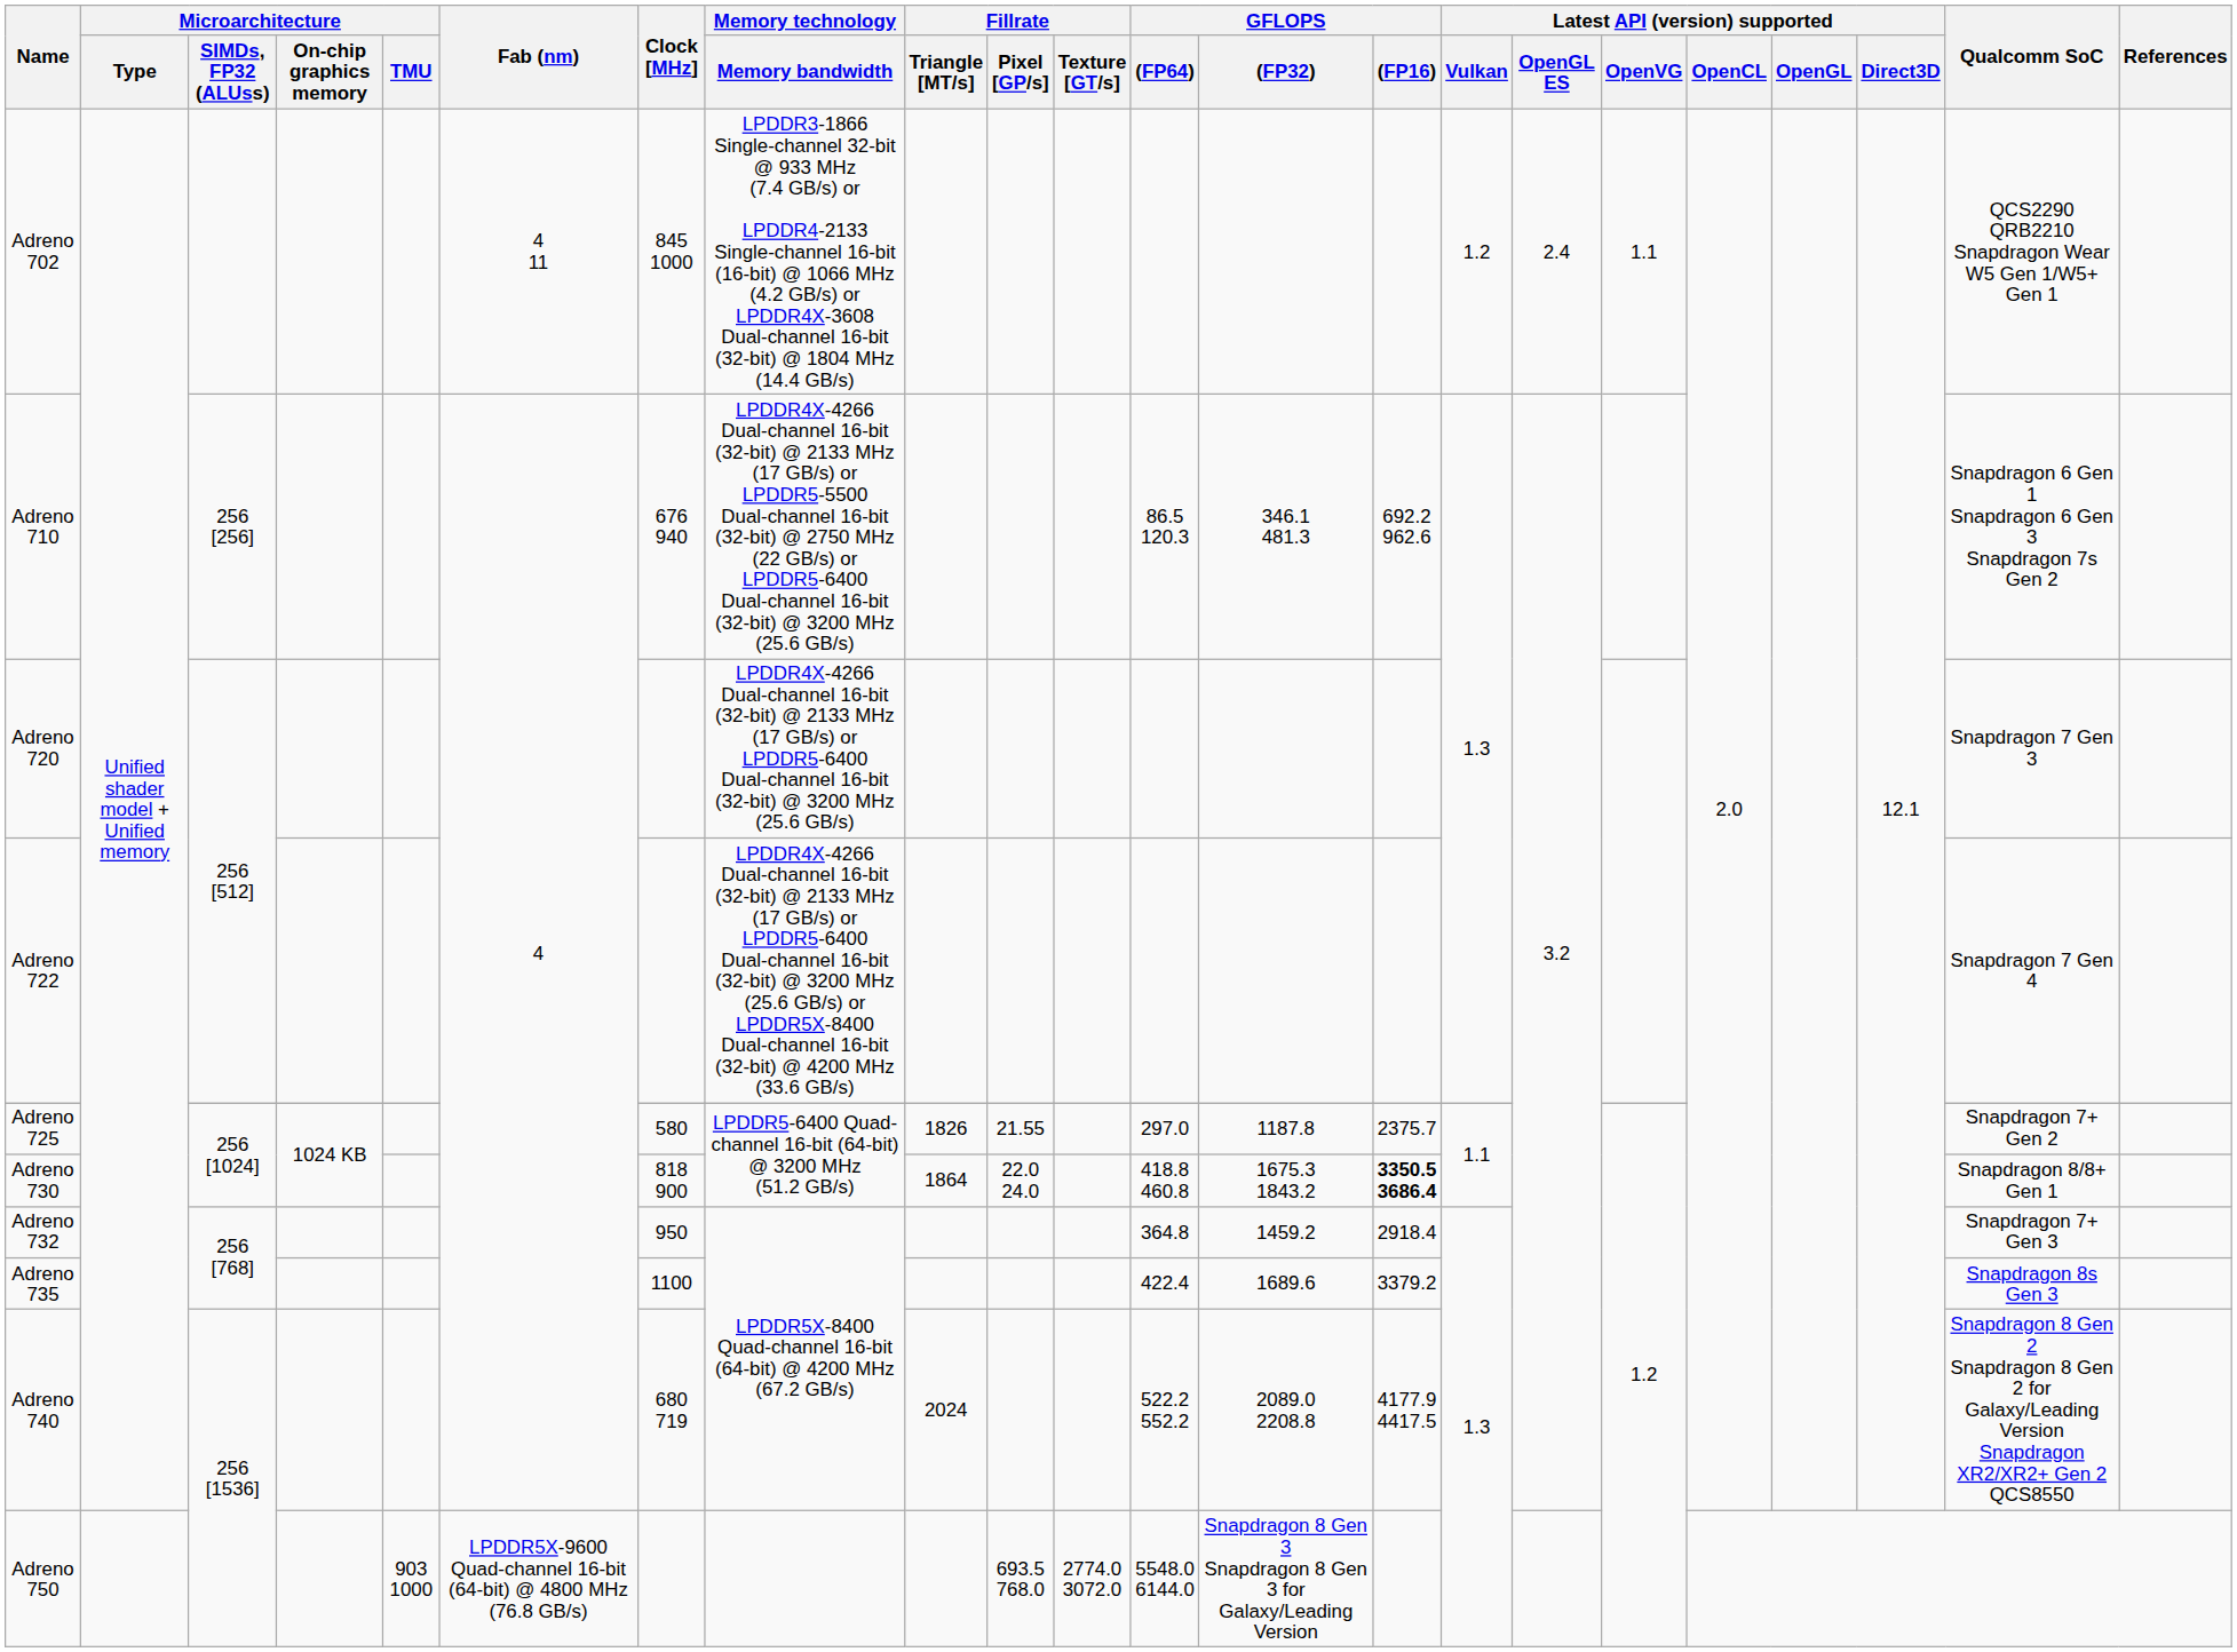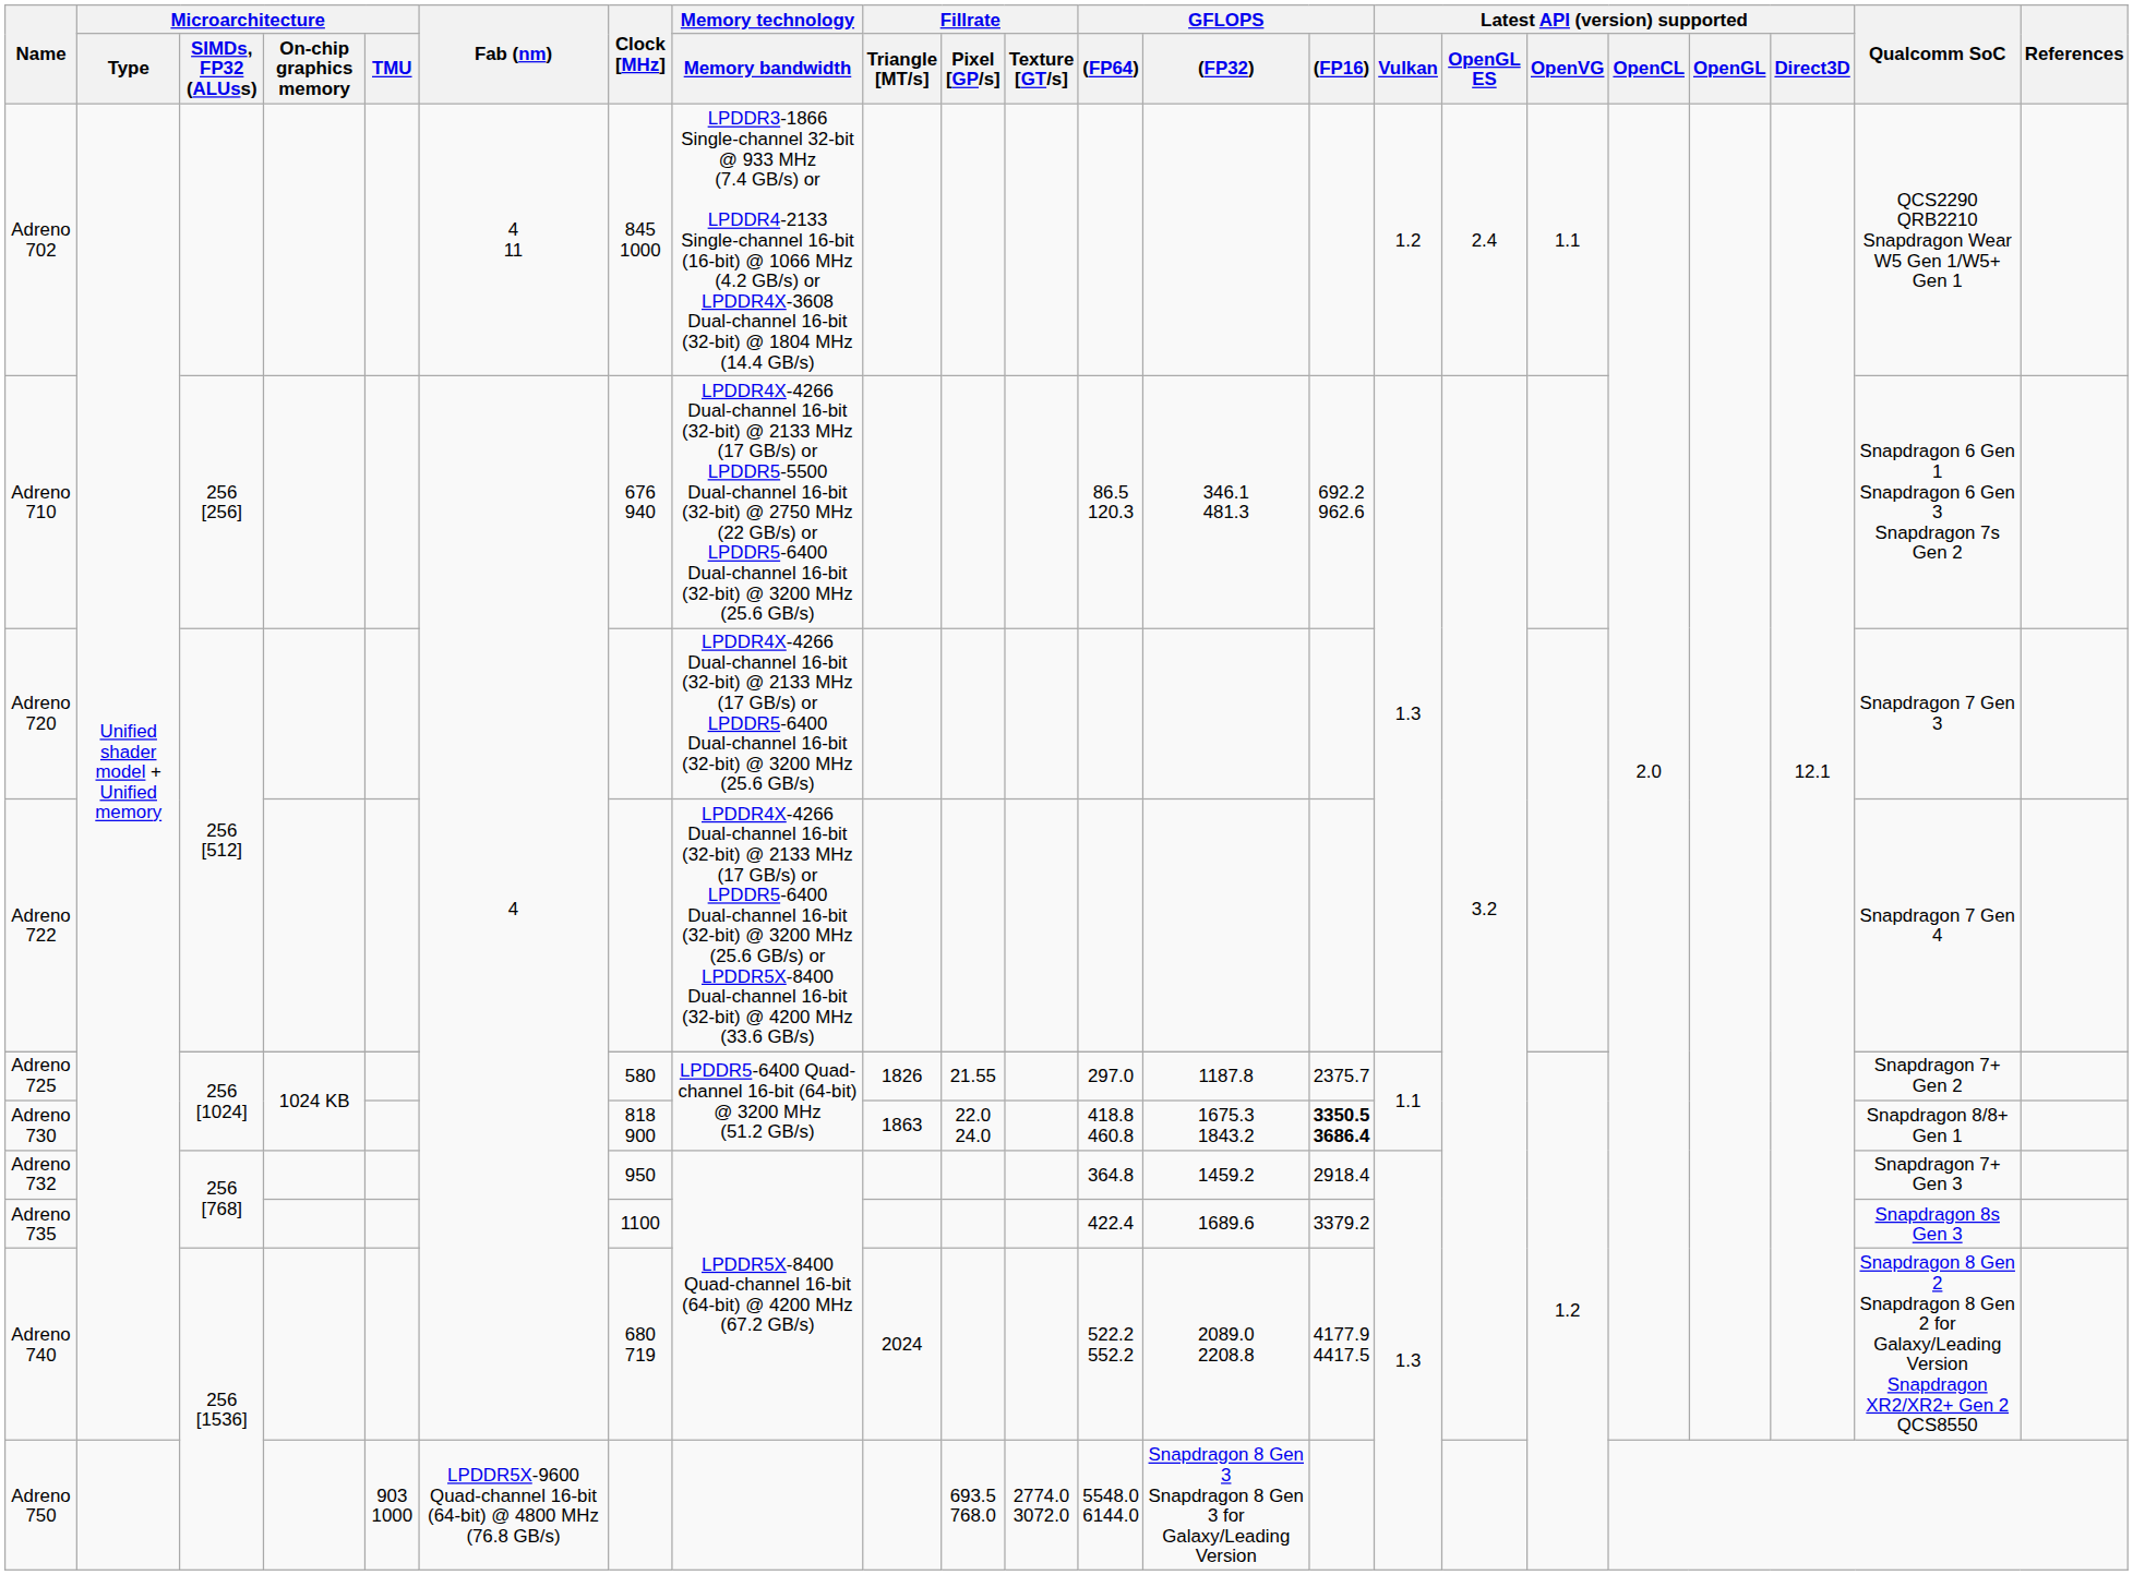 <table class="wikitable" style="font-size: 85%; text-align: center">
 <tr>
 <th rowspan="2">Name</th>
 <th colspan="4"><a href='#'>Microarchitecture</a></th>
 <th rowspan="2">Fab (<a href='#'>nm</a>)</th>
 <th rowspan="2">Clock [<a href='#'>MHz</a>]</th>
 <th><a href='#'>Memory technology</a></th>
 <th colspan="3"><a href='#'>Fillrate</a></th>
 <th colspan="3"><a href='#'>GFLOPS</a></th>
 <th colspan="6">Latest <a href='#'>API</a> (version) supported</th>
 <th rowspan="2">Qualcomm SoC</th>
 <th rowspan="2">References</th>
 </tr>
 <tr>
 <th>Type</th>
 <th><a href='#'>SIMDs</a>, <a href='#'>FP32</a><br>(<a href='#'>ALUs</a>s)<br></th>
 <th>On-chip graphics memory</th>
 <th><a href='#'>TMU</a></th>
 <th><a href='#'>Memory bandwidth</a></th>
 <th>Triangle<br>[MT/s]</th>
 <th>Pixel<br>[<a href='#'>GP</a>/s]</th>
 <th>Texture<br>[<a href='#'>GT</a>/s]</th>
 <th>(<a href='#'>FP64</a>)</th>
 <th>(<a href='#'>FP32</a>)</th>
 <th>(<a href='#'>FP16</a>)</th>
 <th><a href='#'>Vulkan</a></th>
 <th><a href='#'>OpenGL ES</a></th>
 <th><a href='#'>OpenVG</a></th>
 <th><a href='#'>OpenCL</a></th>
 <th><a href='#'>OpenGL</a></th>
 <th><a href='#'>Direct3D</a></th>
 </tr>
 <tr>
 <td>Adreno 702</td>
 <td rowspan="10"><a href='#'>Unified shader model</a> + <a href='#'>Unified memory</a></td>
 <td></td>
 <td></td>
 <td></td>
 <td>4<br>11</td>
 <td>845<br>1000</td>
 <td><a href='#'>LPDDR3</a>-1866 Single-channel 32-bit @ 933 MHz (7.4 GB/s) or<br><br><a href='#'>LPDDR4</a>-2133 Single‑channel 16‑bit (16-bit) @ 1066 MHz (4.2 GB/s) or<br> <a href='#'>LPDDR4X</a>-3608 Dual‑channel 16‑bit (32-bit) @ 1804 MHz (14.4 GB/s)</td>
 <td></td>
 <td></td>
 <td></td>
 <td></td>
 <td></td>
 <td></td>
 <td>1.2</td>
 <td>2.4</td>
 <td>1.1</td>
 <td rowspan="10">2.0</td>
 <td rowspan="10"></td>
 <td rowspan="10">12.1</td>
 <td>QCS2290<br>QRB2210<br>Snapdragon Wear W5 Gen 1/W5+ Gen 1</td>
 <td></td>
 </tr>
 <tr>
 <td>Adreno 710</td>
 <td>256<br>[256]</td>
 <td></td>
 <td></td>
 <td rowspan="9">4</td>
 <td>676<br>940</td>
 <td><a href='#'>LPDDR4X</a>-4266 Dual‑channel 16‑bit (32-bit) @ 2133 MHz (17 GB/s) or<br><a href='#'>LPDDR5</a>-5500 Dual‑channel 16‑bit (32-bit) @ 2750 MHz (22 GB/s) or<br><a href='#'>LPDDR5</a>-6400 Dual‑channel 16‑bit (32-bit) @ 3200 MHz (25.6 GB/s)</td>
 <td></td>
 <td></td>
 <td></td>
 <td>86.5<br>120.3</td>
 <td>346.1<br>481.3</td>
 <td>692.2<br>962.6</td>
 <td rowspan="3">1.3</td>
 <td rowspan="9">3.2</td>
 <td></td>
 <td>Snapdragon 6 Gen 1<br>Snapdragon 6 Gen 3<br>Snapdragon 7s Gen 2</td>
 <td></td>
 </tr>
 <tr>
 <td>Adreno 720</td>
 <td rowspan="2">256<br>[512]</td>
 <td></td>
 <td></td>
 <td></td>
 <td><a href='#'>LPDDR4X</a>-4266 Dual‑channel 16‑bit (32-bit) @ 2133 MHz (17 GB/s) or<br><a href='#'>LPDDR5</a>-6400 Dual‑channel 16‑bit (32-bit) @ 3200 MHz (25.6 GB/s)</td>
 <td></td>
 <td></td>
 <td></td>
 <td></td>
 <td></td>
 <td></td>
 <td rowspan="2"></td>
 <td>Snapdragon 7 Gen 3</td>
 <td></td>
 </tr>
 <tr>
 <td>Adreno 722</td>
 <td></td>
 <td></td>
 <td></td>
 <td><a href='#'>LPDDR4X</a>-4266 Dual‑channel 16‑bit (32-bit) @ 2133 MHz (17 GB/s) or<br><a href='#'>LPDDR5</a>-6400 Dual‑channel 16‑bit (32-bit) @ 3200 MHz (25.6 GB/s) or<br><a href='#'>LPDDR5X</a>-8400 Dual‑channel 16‑bit (32-bit) @ 4200 MHz (33.6 GB/s)</td>
 <td></td>
 <td></td>
 <td></td>
 <td></td>
 <td></td>
 <td></td>
 <td>Snapdragon 7 Gen 4</td>
 <td></td>
 </tr>
 <tr>
 </tr>
 <tr>
 <td>Adreno 725</td>
 <td rowspan="2">256<br>[1024]</td>
 <td rowspan="2">1024 KB</td>
 <td></td>
 <td>580</td>
 <td rowspan="2"><a href='#'>LPDDR5</a>-6400 Quad-channel 16-bit (64-bit) @ 3200 MHz (51.2 GB/s)</td>
 <td>1826</td>
 <td>21.55</td>
 <td></td>
 <td>297.0</td>
 <td>1187.8</td>
 <td>2375.7</td>
 <td rowspan="2">1.1</td>
 <td rowspan="6">1.2</td>
 <td>Snapdragon 7+ Gen 2</td>
 <td></td>
 </tr>
 <tr>
 <td>Adreno 730</td>
 <td></td>
 <td>818<br>900</td>
-<td>1864</td>
+<td>1863</td>
 <td>22.0<br>24.0</td>
 <td></td>
 <td>418.8<br>460.8</td>
 <td>1675.3<br>1843.2</td>
 <td><strong>3350.5<br>3686.4</strong></td>
 <td>Snapdragon 8/8+ Gen 1</td>
 <td></td>
 </tr>
 <tr>
 <td>Adreno 732</td>
 <td rowspan="2">256<br>[768]</td>
 <td></td>
 <td></td>
 <td>950</td>
 <td rowspan="3"><a href='#'>LPDDR5X</a>-8400 Quad-channel 16-bit (64-bit) @ 4200 MHz (67.2 GB/s)</td>
 <td></td>
 <td></td>
 <td></td>
 <td>364.8</td>
 <td>1459.2</td>
 <td>2918.4</td>
 <td rowspan="4">1.3</td>
 <td>Snapdragon 7+ Gen 3</td>
 <td></td>
 </tr>
 <tr>
 <td>Adreno 735</td>
 <td></td>
 <td></td>
 <td>1100</td>
 <td></td>
 <td></td>
 <td></td>
 <td>422.4</td>
 <td>1689.6</td>
 <td>3379.2</td>
 <td><a href='#'>Snapdragon 8s Gen 3</a></td>
 <td></td>
 </tr>
 <tr>
 <td>Adreno 740</td>
 <td rowspan="2">256<br>[1536]</td>
 <td></td>
 <td></td>
 <td>680 719</td>
 <td>2024<br></td>
 <td></td>
 <td></td>
 <td>522.2<br>552.2</td>
 <td>2089.0<br>2208.8</td>
 <td>4177.9<br>4417.5</td>
 <td><a href='#'>Snapdragon 8 Gen 2</a><br>Snapdragon 8 Gen 2 for Galaxy/Leading Version<br><a href='#'>Snapdragon XR2/XR2+ Gen 2</a><br>QCS8550</td>
 <td></td>
 </tr>
 <tr>
 <td>Adreno 750</td>
 <td></td>
 <td></td>
 <td>903 1000</td>
 <td><a href='#'>LPDDR5X</a>-9600 Quad-channel 16-bit (64-bit) @ 4800 MHz (76.8 GB/s)</td>
 <td></td>
 <td></td>
 <td></td>
 <td>693.5<br>768.0</td>
 <td>2774.0<br>3072.0</td>
 <td>5548.0<br>6144.0</td>
 <td><a href='#'>Snapdragon 8 Gen 3</a><br>Snapdragon 8 Gen 3 for Galaxy/Leading Version</td>
 <td></td>
 </tr>
 </table>
